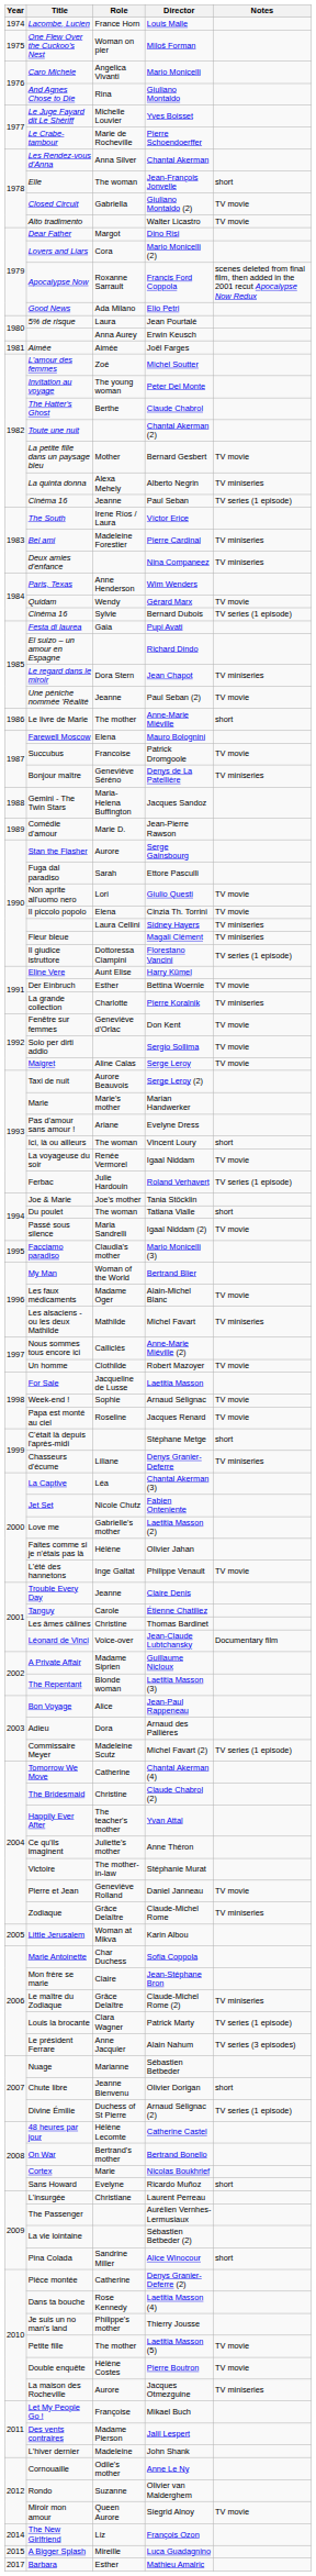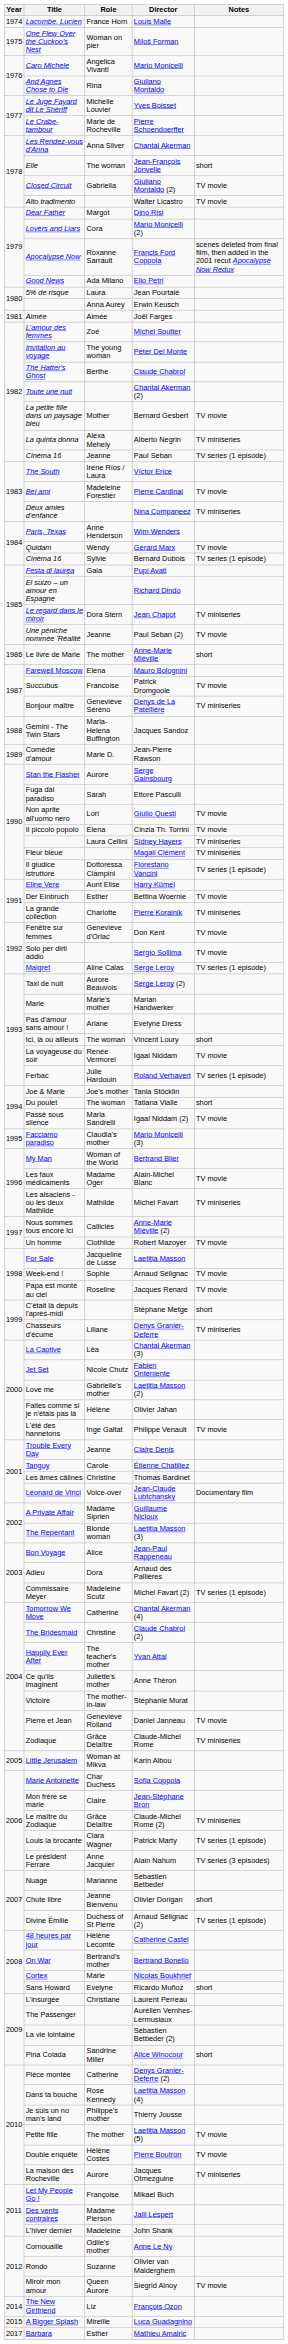 <table class="wikitable sortable">
 <tr>
 <th>Year</th>
 <th>Title</th>
 <th>Role</th>
 <th>Director</th>
 <th class="unsortable">Notes</th>
 </tr>
 <tr>
 <td rowspan=1>1974</td>
 <td><em><a href='#'>Lacombe, Lucien</a></em></td>
 <td>France Horn</td>
 <td><a href='#'>Louis Malle</a></td>
 <td></td>
 </tr>
 <tr>
 <td rowspan=1>1975</td>
 <td><em><a href='#'>One Flew Over the Cuckoo's Nest</a></em></td>
 <td>Woman on pier</td>
 <td><a href='#'>Miloš Forman</a></td>
 <td></td>
 </tr>
 <tr>
 <td rowspan=2>1976</td>
 <td><em><a href='#'>Caro Michele</a></em></td>
 <td>Angelica Vivanti</td>
 <td><a href='#'>Mario Monicelli</a></td>
 <td></td>
 </tr>
 <tr>
 <td><em><a href='#'>And Agnes Chose to Die</a></em></td>
 <td>Rina</td>
 <td><a href='#'>Giuliano Montaldo</a></td>
 <td></td>
 </tr>
 <tr>
 <td rowspan=2>1977</td>
 <td><em><a href='#'>Le Juge Fayard dit Le Shériff</a></em></td>
 <td>Michelle Louvier</td>
 <td><a href='#'>Yves Boisset</a></td>
 <td></td>
 </tr>
 <tr>
 <td><em><a href='#'>Le Crabe-tambour</a></em></td>
 <td>Marie de Rocheville</td>
 <td><a href='#'>Pierre Schoendoerffer</a></td>
 <td></td>
 </tr>
 <tr>
 <td rowspan=4>1978</td>
 <td><em><a href='#'>Les Rendez-vous d'Anna</a></em></td>
 <td>Anna Silver</td>
 <td><a href='#'>Chantal Akerman</a></td>
 <td></td>
 </tr>
 <tr>
 <td><em>Elle</em></td>
 <td>The woman</td>
 <td><a href='#'>Jean-François Jonvelle</a></td>
 <td>short</td>
 </tr>
 <tr>
 <td><em><a href='#'>Closed Circuit</a></em></td>
 <td>Gabriella</td>
 <td><a href='#'>Giuliano Montaldo</a> (2)</td>
 <td>TV movie</td>
 </tr>
 <tr>
 <td><em>Alto tradimento</em></td>
 <td></td>
 <td>Walter Licastro</td>
 <td>TV movie</td>
 </tr>
 <tr>
 <td rowspan=4>1979</td>
 <td><em><a href='#'>Dear Father</a></em></td>
 <td>Margot</td>
 <td><a href='#'>Dino Risi</a></td>
 <td></td>
 </tr>
 <tr>
 <td><em><a href='#'>Lovers and Liars</a></em></td>
 <td>Cora</td>
 <td><a href='#'>Mario Monicelli</a> (2)</td>
 <td></td>
 </tr>
 <tr>
 <td><em><a href='#'>Apocalypse Now</a></em></td>
 <td>Roxanne Sarrault</td>
 <td><a href='#'>Francis Ford Coppola</a></td>
 <td>scenes deleted from final film, then added in the 2001 recut <em><a href='#'>Apocalypse Now Redux</a></em></td>
 </tr>
 <tr>
 <td><em><a href='#'>Good News</a></em></td>
 <td>Ada Milano</td>
 <td><a href='#'>Elio Petri</a></td>
 <td></td>
 </tr>
 <tr>
 <td rowspan=2>1980</td>
 <td><em>5% de risque</em></td>
 <td>Laura</td>
 <td>Jean Pourtalé</td>
 <td></td>
 </tr>
 <tr>
 <td><em></em></td>
 <td>Anna Aurey</td>
 <td>Erwin Keusch</td>
 <td></td>
 </tr>
 <tr>
 <td rowspan=1>1981</td>
 <td><em>Aimée</em></td>
 <td>Aimée</td>
 <td>Joël Farges</td>
 <td></td>
 </tr>
 <tr>
 <td rowspan=7>1982</td>
 <td><em><a href='#'>L'amour des femmes</a></em></td>
 <td>Zoé</td>
 <td><a href='#'>Michel Soutter</a></td>
 <td></td>
 </tr>
 <tr>
 <td><em><a href='#'>Invitation au voyage</a></em></td>
 <td>The young woman</td>
 <td><a href='#'>Peter Del Monte</a></td>
 <td></td>
 </tr>
 <tr>
 <td><em><a href='#'>The Hatter's Ghost</a></em></td>
 <td>Berthe</td>
 <td><a href='#'>Claude Chabrol</a></td>
 <td></td>
 </tr>
 <tr>
 <td><em><a href='#'>Toute une nuit</a></em></td>
 <td></td>
 <td><a href='#'>Chantal Akerman</a> (2)</td>
 <td></td>
 </tr>
 <tr>
 <td><em>La petite fille dans un paysage bleu</em></td>
 <td>Mother</td>
 <td>Bernard Gesbert</td>
 <td>TV movie</td>
 </tr>
 <tr>
 <td><em>La quinta donna</em></td>
 <td>Alexa Mehely</td>
 <td>Alberto Negrin</td>
 <td>TV miniseries</td>
 </tr>
 <tr>
 <td><em>Cinéma 16</em></td>
 <td>Jeanne</td>
 <td>Paul Seban</td>
 <td>TV series (1 episode)</td>
 </tr>
 <tr>
 <td rowspan=3>1983</td>
 <td><em><a href='#'>The South</a></em></td>
 <td>Irene Ríos / Laura</td>
 <td><a href='#'>Víctor Erice</a></td>
 <td></td>
 </tr>
 <tr>
 <td><em><a href='#'>Bel ami</a></em></td>
 <td>Madeleine Forestier</td>
 <td><a href='#'>Pierre Cardinal</a></td>
-<td>TV miniseries</td>
+<td>TV movie</td>
 </tr>
 <tr>
 <td><em>Deux amies d'enfance</em></td>
 <td></td>
 <td><a href='#'>Nina Companeez</a></td>
 <td>TV miniseries</td>
 </tr>
 <tr>
 <td rowspan=3>1984</td>
 <td><em><a href='#'>Paris, Texas</a></em></td>
 <td>Anne Henderson</td>
 <td><a href='#'>Wim Wenders</a></td>
 <td></td>
 </tr>
 <tr>
 <td><em>Quidam</em></td>
 <td>Wendy</td>
 <td><a href='#'>Gérard Marx</a></td>
 <td>TV movie</td>
 </tr>
 <tr>
 <td><em>Cinéma 16</em></td>
 <td>Sylvie</td>
 <td>Bernard Dubois</td>
 <td>TV series (1 episode)</td>
 </tr>
 <tr>
 <td rowspan=4>1985</td>
 <td><em><a href='#'>Festa di laurea</a></em></td>
 <td>Gaia</td>
 <td><a href='#'>Pupi Avati</a></td>
 <td></td>
 </tr>
 <tr>
 <td><em>El suizo – un amour en Espagne</em></td>
 <td></td>
 <td><a href='#'>Richard Dindo</a></td>
 <td></td>
 </tr>
 <tr>
 <td><em><a href='#'>Le regard dans le miroir</a></em></td>
 <td>Dora Stern</td>
 <td><a href='#'>Jean Chapot</a></td>
 <td>TV miniseries</td>
 </tr>
 <tr>
 <td><em>Une péniche nommée 'Réalité<strong></td>
 <td>Jeanne</td>
 <td>Paul Seban (2)</td>
 <td>TV movie</td>
 </tr>
 <tr>
 <td rowspan=1>1986</td>
 <td></em>Le livre de Marie<em></td>
 <td>The mother</td>
 <td><a href='#'>Anne-Marie Miéville</a></td>
 <td>short</td>
 </tr>
 <tr>
 <td rowspan=3>1987</td>
 <td></em><a href='#'>Farewell Moscow</a><em></td>
 <td>Elena</td>
 <td><a href='#'>Mauro Bolognini</a></td>
 <td></td>
 </tr>
 <tr>
 <td></em>Succubus<em></td>
 <td>Francoise</td>
 <td>Patrick Dromgoole</td>
 <td>TV movie</td>
 </tr>
 <tr>
 <td></em>Bonjour maître<em></td>
 <td>Geneviève Séréno</td>
 <td><a href='#'>Denys de La Patellière</a></td>
 <td>TV miniseries</td>
 </tr>
 <tr>
 <td rowspan=1>1988</td>
 <td></em>Gemini - The Twin Stars<em></td>
 <td>Maria-Helena Buffington</td>
 <td>Jacques Sandoz</td>
 <td></td>
 </tr>
 <tr>
 <td rowspan=1>1989</td>
 <td></em>Comédie d'amour<em></td>
 <td>Marie D.</td>
 <td>Jean-Pierre Rawson</td>
 <td></td>
 </tr>
 <tr>
 <td rowspan=7>1990</td>
 <td></em><a href='#'>Stan the Flasher</a><em></td>
 <td>Aurore</td>
 <td><a href='#'>Serge Gainsbourg</a></td>
 <td></td>
 </tr>
 <tr>
 <td></em>Fuga dal paradiso<em></td>
 <td>Sarah</td>
 <td>Ettore Pasculli</td>
 <td></td>
 </tr>
 <tr>
 <td></em>Non aprite all'uomo nero<em></td>
 <td>Lori</td>
 <td><a href='#'>Giulio Questi</a></td>
 <td>TV movie</td>
 </tr>
 <tr>
 <td></em>Il piccolo popolo<em></td>
 <td>Elena</td>
 <td>Cinzia Th. Torrini</td>
 <td>TV movie</td>
 </tr>
 <tr>
 <td></em><em></td>
 <td>Laura Cellini</td>
 <td><a href='#'>Sidney Hayers</a></td>
 <td>TV miniseries</td>
 </tr>
 <tr>
 <td></em>Fleur bleue<em></td>
 <td></td>
 <td><a href='#'>Magali Clément</a></td>
 <td>TV miniseries</td>
 </tr>
 <tr>
 <td></em>Il giudice istruttore<em></td>
 <td>Dottoressa Ciampini</td>
 <td><a href='#'>Florestano Vancini</a></td>
 <td>TV series (1 episode)</td>
 </tr>
 <tr>
 <td rowspan=3>1991</td>
 <td></em><a href='#'>Eline Vere</a><em></td>
 <td>Aunt Elise</td>
 <td><a href='#'>Harry Kümel</a></td>
 <td></td>
 </tr>
 <tr>
 <td></em>Der Einbruch<em></td>
 <td>Esther</td>
 <td>Bettina Woernle</td>
 <td>TV movie</td>
 </tr>
 <tr>
 <td></em>La grande collection<em></td>
 <td>Charlotte</td>
 <td><a href='#'>Pierre Koralnik</a></td>
 <td>TV miniseries</td>
 </tr>
 <tr>
 <td rowspan=3>1992</td>
 <td></em>Fenêtre sur femmes<em></td>
 <td>Geneviève d'Orlac</td>
 <td>Don Kent</td>
 <td>TV movie</td>
 </tr>
 <tr>
 <td></em>Solo per dirti addio<em></td>
 <td></td>
 <td><a href='#'>Sergio Sollima</a></td>
 <td>TV movie</td>
 </tr>
 <tr>
 <td></em><a href='#'>Maigret</a><em></td>
 <td>Aline Calas</td>
 <td><a href='#'>Serge Leroy</a></td>
-<td>TV movie</td>
+<td>TV series (1 episode)</td>
 </tr>
 <tr>
 <td rowspan=6>1993</td>
 <td></em>Taxi de nuit<em></td>
 <td>Aurore Beauvois</td>
 <td><a href='#'>Serge Leroy</a> (2)</td>
 <td></td>
 </tr>
 <tr>
 <td></em>Marie<em></td>
 <td>Marie's mother</td>
 <td>Marian Handwerker</td>
 <td></td>
 </tr>
 <tr>
 <td></em>Pas d'amour sans amour !<em></td>
 <td>Ariane</td>
 <td>Evelyne Dress</td>
 <td></td>
 </tr>
 <tr>
 <td></em>Ici, là ou ailleurs<em></td>
 <td>The woman</td>
 <td>Vincent Loury</td>
 <td>short</td>
 </tr>
 <tr>
 <td></em>La voyageuse du soir<em></td>
 <td>Renée Vermorel</td>
 <td>Igaal Niddam</td>
 <td>TV movie</td>
 </tr>
 <tr>
 <td></em>Ferbac<em></td>
 <td>Julie Hardouin</td>
 <td><a href='#'>Roland Verhavert</a></td>
 <td>TV series (1 episode)</td>
 </tr>
 <tr>
 <td rowspan=3>1994</td>
 <td></em>Joe & Marie<em></td>
 <td>Joe's mother</td>
 <td>Tania Stöcklin</td>
 <td></td>
 </tr>
 <tr>
 <td></em>Du poulet<em></td>
 <td>The woman</td>
 <td>Tatiana Vialle</td>
 <td>short</td>
 </tr>
 <tr>
 <td></em>Passé sous silence<em></td>
 <td>Maria Sandrelli</td>
 <td>Igaal Niddam (2)</td>
 <td>TV movie</td>
 </tr>
 <tr>
 <td rowspan=1>1995</td>
 <td></em><a href='#'>Facciamo paradiso</a><em></td>
 <td>Claudia's mother</td>
 <td><a href='#'>Mario Monicelli</a> (3)</td>
 <td></td>
 </tr>
 <tr>
 <td rowspan=3>1996</td>
 <td></em><a href='#'>My Man</a><em></td>
 <td>Woman of the World</td>
 <td><a href='#'>Bertrand Blier</a></td>
 <td></td>
 </tr>
 <tr>
 <td></em>Les faux médicaments<em></td>
 <td>Madame Oger</td>
 <td>Alain-Michel Blanc</td>
 <td>TV movie</td>
 </tr>
 <tr>
 <td></em>Les alsaciens - ou les deux Mathilde<em></td>
 <td>Mathilde</td>
 <td>Michel Favart</td>
 <td>TV miniseries</td>
 </tr>
 <tr>
 <td rowspan=2>1997</td>
 <td></em>Nous sommes tous encore ici<em></td>
 <td>Calliclès</td>
 <td><a href='#'>Anne-Marie Miéville</a> (2)</td>
 <td></td>
 </tr>
 <tr>
 <td></em>Un homme<em></td>
 <td>Clothilde</td>
 <td>Robert Mazoyer</td>
 <td>TV movie</td>
 </tr>
 <tr>
 <td rowspan=3>1998</td>
 <td></em><a href='#'>For Sale</a><em></td>
 <td>Jacqueline de Lusse</td>
 <td><a href='#'>Laetitia Masson</a></td>
 <td></td>
 </tr>
 <tr>
 <td></em>Week-end !<em></td>
 <td>Sophie</td>
 <td>Arnaud Sélignac</td>
 <td>TV movie</td>
 </tr>
 <tr>
 <td></em>Papa est monté au ciel<em></td>
 <td>Roseline</td>
 <td>Jacques Renard</td>
 <td>TV movie</td>
 </tr>
 <tr>
 <td rowspan=2>1999</td>
 <td></em>C'était là depuis l'après-midi<em></td>
 <td></td>
 <td>Stéphane Metge</td>
 <td>short</td>
 </tr>
 <tr>
 <td></em>Chasseurs d'écume<em></td>
 <td>Liliane</td>
 <td><a href='#'>Denys Granier-Deferre</a></td>
 <td>TV miniseries</td>
 </tr>
 <tr>
 <td rowspan=5>2000</td>
 <td></em><a href='#'>La Captive</a><em></td>
 <td>Léa</td>
 <td><a href='#'>Chantal Akerman</a> (3)</td>
 <td></td>
 </tr>
 <tr>
 <td></em><a href='#'>Jet Set</a><em></td>
 <td>Nicole Chutz</td>
 <td><a href='#'>Fabien Onteniente</a></td>
 <td></td>
 </tr>
 <tr>
 <td></em>Love me<em></td>
 <td>Gabrielle's mother</td>
 <td><a href='#'>Laetitia Masson</a> (2)</td>
 <td></td>
 </tr>
 <tr>
 <td></em>Faites comme si je n'étais pas là<em></td>
 <td>Hélène</td>
 <td>Olivier Jahan</td>
 <td></td>
 </tr>
 <tr>
 <td></em>L'été des hannetons<em></td>
 <td>Inge Galtat</td>
 <td>Philippe Venault</td>
 <td>TV movie</td>
 </tr>
 <tr>
 <td rowspan=4>2001</td>
 <td></em><a href='#'>Trouble Every Day</a><em></td>
 <td>Jeanne</td>
 <td><a href='#'>Claire Denis</a></td>
 <td></td>
 </tr>
 <tr>
 <td></em><a href='#'>Tanguy</a><em></td>
 <td>Carole</td>
 <td><a href='#'>Étienne Chatiliez</a></td>
 <td></td>
 </tr>
 <tr>
 <td></em>Les âmes câlines<em></td>
 <td>Christine</td>
 <td>Thomas Bardinet</td>
 <td></td>
 </tr>
 <tr>
 <td></em><a href='#'>Léonard de Vinci</a><em></td>
 <td>Voice-over</td>
 <td><a href='#'>Jean-Claude Lubtchansky</a></td>
 <td>Documentary film</td>
 </tr>
 <tr>
 <td rowspan=2>2002</td>
 <td></em><a href='#'>A Private Affair</a><em></td>
 <td>Madame Siprien</td>
 <td><a href='#'>Guillaume Nicloux</a></td>
 <td></td>
 </tr>
 <tr>
 <td></em><a href='#'>The Repentant</a><em></td>
 <td>Blonde woman</td>
 <td><a href='#'>Laetitia Masson</a> (3)</td>
 <td></td>
 </tr>
 <tr>
 <td rowspan=3>2003</td>
 <td></em><a href='#'>Bon Voyage</a><em></td>
 <td>Alice</td>
 <td><a href='#'>Jean-Paul Rappeneau</a></td>
 <td></td>
 </tr>
 <tr>
 <td></em>Adieu<em></td>
 <td>Dora</td>
 <td>Arnaud des Pallières</td>
 <td></td>
 </tr>
 <tr>
 <td></em>Commissaire Meyer<em></td>
 <td>Madeleine Scutz</td>
 <td>Michel Favart (2)</td>
 <td>TV series (1 episode)</td>
 </tr>
 <tr>
 <td rowspan=7>2004</td>
 <td></em><a href='#'>Tomorrow We Move</a><em></td>
 <td>Catherine</td>
 <td><a href='#'>Chantal Akerman</a> (4)</td>
 <td></td>
 </tr>
 <tr>
 <td></em><a href='#'>The Bridesmaid</a><em></td>
 <td>Christine</td>
 <td><a href='#'>Claude Chabrol</a> (2)</td>
 <td></td>
 </tr>
 <tr>
 <td></em><a href='#'>Happily Ever After</a><em></td>
 <td>The teacher's mother</td>
 <td><a href='#'>Yvan Attal</a></td>
 <td></td>
 </tr>
 <tr>
 <td></em>Ce qu'ils imaginent<em></td>
 <td>Juliette's mother</td>
 <td>Anne Théron</td>
 <td></td>
 </tr>
 <tr>
 <td></em>Victoire<em></td>
 <td>The mother-in-law</td>
 <td>Stéphanie Murat</td>
 <td></td>
 </tr>
 <tr>
 <td></em>Pierre et Jean<em></td>
 <td>Geneviève Rolland</td>
 <td>Daniel Janneau</td>
 <td>TV movie</td>
 </tr>
 <tr>
 <td></em>Zodiaque<em></td>
 <td>Grâce Delaître</td>
 <td>Claude-Michel Rome</td>
 <td>TV miniseries</td>
 </tr>
 <tr>
 <td rowspan=1>2005</td>
 <td></em><a href='#'>Little Jerusalem</a><em></td>
 <td>Woman at Mikva</td>
 <td>Karin Albou</td>
 <td></td>
 </tr>
 <tr>
 <td rowspan=5>2006</td>
 <td></em><a href='#'>Marie Antoinette</a><em></td>
 <td>Char Duchess</td>
 <td><a href='#'>Sofia Coppola</a></td>
 <td></td>
 </tr>
 <tr>
 <td></em>Mon frère se marie<em></td>
 <td>Claire</td>
 <td><a href='#'>Jean-Stéphane Bron</a></td>
 <td></td>
 </tr>
 <tr>
 <td></em>Le maître du Zodiaque<em></td>
 <td>Grâce Delaître</td>
 <td>Claude-Michel Rome (2)</td>
 <td>TV miniseries</td>
 </tr>
 <tr>
 <td></em>Louis la brocante<em></td>
 <td>Clara Wagner</td>
 <td>Patrick Marty</td>
 <td>TV series (1 episode)</td>
 </tr>
 <tr>
 <td></em>Le président Ferrare<em></td>
 <td>Anne Jacquier</td>
 <td>Alain Nahum</td>
 <td>TV series (3 episodes)</td>
 </tr>
 <tr>
 <td rowspan=3>2007</td>
 <td></em>Nuage<em></td>
 <td>Marianne</td>
 <td>Sébastien Betbeder</td>
 <td></td>
 </tr>
 <tr>
 <td></em>Chute libre<em></td>
 <td>Jeanne Bienvenu</td>
 <td>Olivier Dorigan</td>
 <td>short</td>
 </tr>
 <tr>
 <td></em>Divine Émilie<em></td>
 <td>Duchess of St Pierre</td>
 <td>Arnaud Sélignac (2)</td>
 <td>TV series (1 episode)</td>
 </tr>
 <tr>
 <td rowspan=4>2008</td>
 <td></em><a href='#'>48 heures par jour</a><em></td>
 <td>Hélène Lecomte</td>
 <td><a href='#'>Catherine Castel</a></td>
 <td></td>
 </tr>
 <tr>
 <td></em><a href='#'>On War</a><em></td>
 <td>Bertrand's mother</td>
 <td><a href='#'>Bertrand Bonello</a></td>
 <td></td>
 </tr>
 <tr>
 <td></em><a href='#'>Cortex</a><em></td>
 <td>Marie</td>
 <td><a href='#'>Nicolas Boukhrief</a></td>
 <td></td>
 </tr>
 <tr>
 <td></em>Sans Howard<em></td>
 <td>Evelyne</td>
 <td>Ricardo Muñoz</td>
 <td>short</td>
 </tr>
 <tr>
 <td rowspan=4>2009</td>
 <td></em>L'insurgée<em></td>
 <td>Christiane</td>
 <td>Laurent Perreau</td>
 <td></td>
 </tr>
 <tr>
 <td></em>The Passenger<em></td>
 <td></td>
 <td>Aurélien Vernhes-Lermusiaux</td>
 <td></td>
 </tr>
 <tr>
 <td></em>La vie lointaine<em></td>
 <td></td>
 <td>Sébastien Betbeder (2)</td>
 <td></td>
 </tr>
 <tr>
 <td></em>Pina Colada<em></td>
 <td>Sandrine Miller</td>
 <td><a href='#'>Alice Winocour</a></td>
 <td>short</td>
 </tr>
 <tr>
 <td rowspan=6>2010</td>
 <td></em>Pièce montée<em></td>
 <td>Catherine</td>
 <td><a href='#'>Denys Granier-Deferre</a> (2)</td>
 <td></td>
 </tr>
 <tr>
 <td></em>Dans ta bouche<em></td>
 <td>Rose Kennedy</td>
 <td><a href='#'>Laetitia Masson</a> (4)</td>
 <td></td>
 </tr>
 <tr>
 <td></em>Je suis un no man's land<em></td>
 <td>Philippe's mother</td>
 <td>Thierry Jousse</td>
 <td></td>
 </tr>
 <tr>
 <td></em>Petite fille<em></td>
 <td>The mother</td>
 <td><a href='#'>Laetitia Masson</a> (5)</td>
 <td>TV movie</td>
 </tr>
 <tr>
 <td></em>Double enquête<em></td>
 <td>Hélène Costes</td>
 <td><a href='#'>Pierre Boutron</a></td>
 <td>TV movie</td>
 </tr>
 <tr>
 <td></em>La maison des Rocheville<em></td>
 <td>Aurore</td>
 <td>Jacques Otmezguine</td>
 <td>TV miniseries</td>
 </tr>
 <tr>
 <td rowspan=3>2011</td>
 <td></em><a href='#'>Let My People Go !</a><em></td>
 <td>Françoise</td>
 <td>Mikael Buch</td>
 <td></td>
 </tr>
 <tr>
 <td></em><a href='#'>Des vents contraires</a><em></td>
 <td>Madame Pierson</td>
 <td><a href='#'>Jalil Lespert</a></td>
 <td></td>
 </tr>
 <tr>
 <td></em>L'hiver dernier<em></td>
 <td>Madeleine</td>
 <td>John Shank</td>
 <td></td>
 </tr>
 <tr>
 <td rowspan=3>2012</td>
 <td></em>Cornouaille<em></td>
 <td>Odile's mother</td>
 <td><a href='#'>Anne Le Ny</a></td>
 <td></td>
 </tr>
 <tr>
 <td></em>Rondo<em></td>
 <td>Suzanne</td>
 <td>Olivier van Malderghem</td>
 <td></td>
 </tr>
 <tr>
 <td></em>Miroir mon amour<em></td>
 <td>Queen Aurore</td>
 <td>Siegrid Alnoy</td>
 <td>TV movie</td>
 </tr>
 <tr>
 <td>2014</td>
 <td></em><a href='#'>The New Girlfriend</a><em></td>
 <td>Liz</td>
 <td><a href='#'>François Ozon</a></td>
 <td></td>
 </tr>
 <tr>
 <td>2015</td>
 <td></em><a href='#'>A Bigger Splash</a><em></td>
 <td>Mireille</td>
 <td><a href='#'>Luca Guadagnino</a></td>
 <td></td>
 </tr>
 <tr>
 <td>2017</td>
 <td></em><a href='#'>Barbara</a><em></td>
 <td>Esther</td>
 <td><a href='#'>Mathieu Amalric</a></td>
 <td></td>
 </tr>
 </table>
